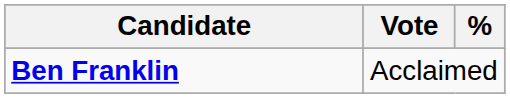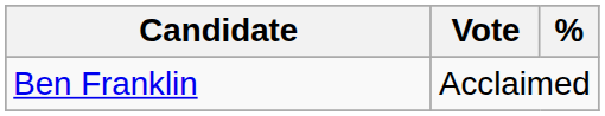 <table class="wikitable">
 <tr>
 <th bgcolor="#DDDDFF" width="200px">Candidate</th>
 <th bgcolor="#DDDDFF">Vote</th>
 <th bgcolor="#DDDDFF">%</th>
 </tr>
 <tr>
-<td><strong><a href='#'>Ben Franklin</a></strong></td>
+<td><a href='#'>Ben Franklin</a></td>
 <td colspan="2">Acclaimed</td>
 </tr>
 </table>
